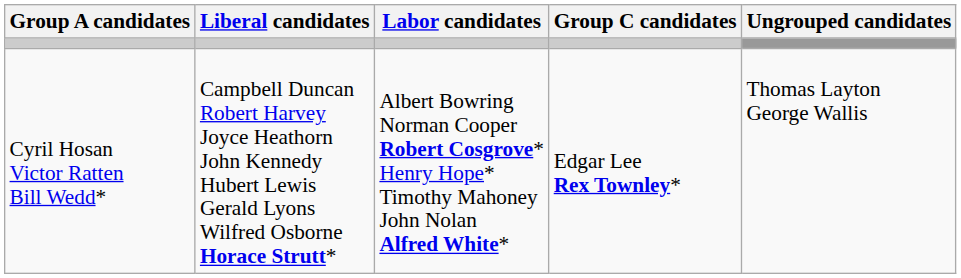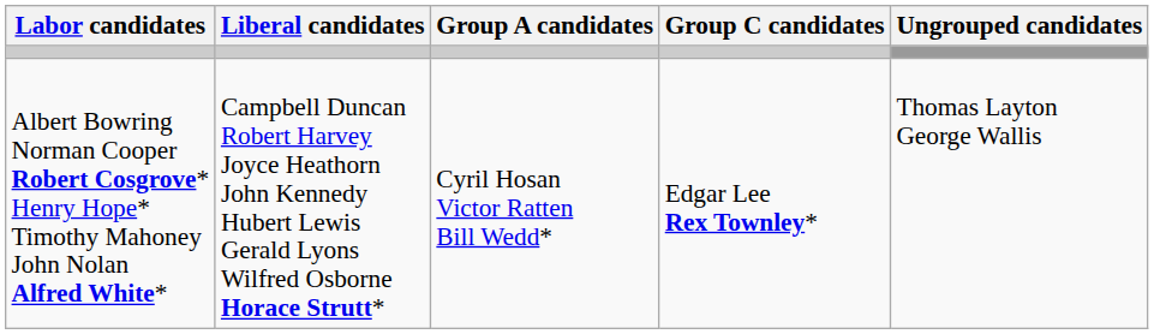 <table class="wikitable">
 <tr>
+<th><a href='#'>Labor</a> candidates</th>
+<th><a href='#'>Liberal</a> candidates</th>
 <th>Group A candidates</th>
-<th><a href='#'>Liberal</a> candidates</th>
-<th><a href='#'>Labor</a> candidates</th>
 <th>Group C candidates</th>
 <th>Ungrouped candidates</th>
 </tr>
 <tr bgcolor="#cccccc">
 <td></td>
 <td></td>
 <td></td>
 <td></td>
 <td bgcolor="#999999"></td>
 </tr>
 <tr>
+<td><br>Albert Bowring<br> Norman Cooper<br> <strong><a href='#'>Robert Cosgrove</a></strong>*<br> <a href='#'>Henry Hope</a>*<br> Timothy Mahoney<br> John Nolan<br> <strong><a href='#'>Alfred White</a></strong>*</td>
+<td><br>Campbell Duncan<br> <a href='#'>Robert Harvey</a><br> Joyce Heathorn<br> John Kennedy<br> Hubert Lewis<br> Gerald Lyons<br> Wilfred Osborne<br> <strong><a href='#'>Horace Strutt</a></strong>*</td>
 <td><br>Cyril Hosan<br> <a href='#'>Victor Ratten</a><br> <a href='#'>Bill Wedd</a>*</td>
-<td><br>Campbell Duncan<br> <a href='#'>Robert Harvey</a><br> Joyce Heathorn<br> John Kennedy<br> Hubert Lewis<br> Gerald Lyons<br> Wilfred Osborne<br> <strong><a href='#'>Horace Strutt</a></strong>*</td>
-<td><br>Albert Bowring<br> Norman Cooper<br> <strong><a href='#'>Robert Cosgrove</a></strong>*<br> <a href='#'>Henry Hope</a>*<br> Timothy Mahoney<br> John Nolan<br> <strong><a href='#'>Alfred White</a></strong>*</td>
 <td><br>Edgar Lee<br> <strong><a href='#'>Rex Townley</a></strong>*</td>
 <td valign=top><br>Thomas Layton<br> George Wallis</td>
 </tr>
 </table>
